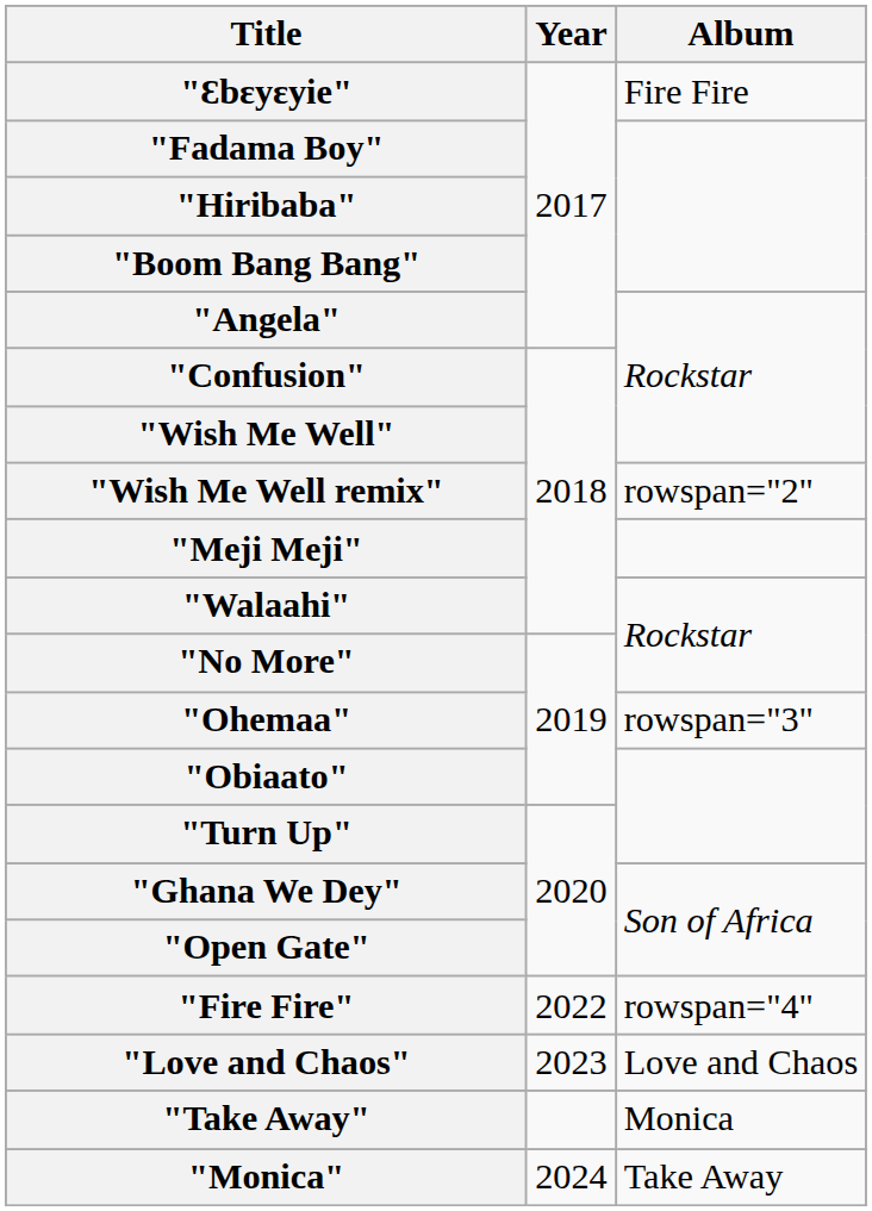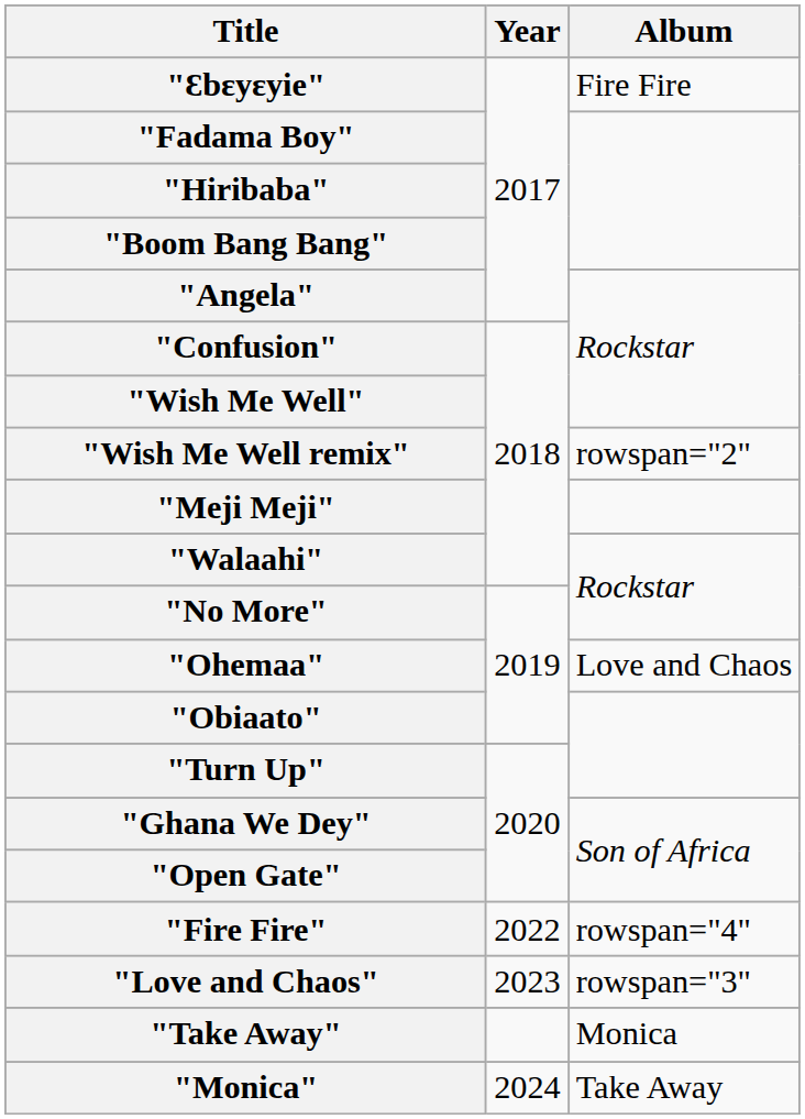 <table class="wikitable plainrowheaders">
 <tr>
 <th style="width:14em;">Title</th>
 <th>Year</th>
 <th>Album</th>
 </tr>
 <tr>
 <th scope="row">"Ɛbɛyɛyie"</th>
 <td rowspan="5">2017</td>
 <td>Fire Fire</td>
 </tr>
 <tr>
 <th scope="row">"Fadama Boy"</th>
 </tr>
 <tr>
 <th scope="row">"Hiribaba" </th>
 </tr>
 <tr>
 <th scope="row">"Boom Bang Bang"</th>
 </tr>
 <tr>
 <th scope="row">"Angela"</th>
 <td rowspan="3"><em>Rockstar</em></td>
 </tr>
 <tr>
 <th scope="row">"Confusion"</th>
 <td rowspan="5">2018</td>
 </tr>
 <tr>
 <th scope="row">"Wish Me Well"</th>
 </tr>
 <tr>
 <th scope="row">"Wish Me Well remix" </th>
 <td>rowspan="2" </td>
 </tr>
 <tr>
 <th scope="row">"Meji Meji" </th>
 </tr>
 <tr>
 <th scope="row">"Walaahi"</th>
 <td rowspan="2"><em>Rockstar</em></td>
 </tr>
 <tr>
 <th scope="row">"No More" </th>
 <td rowspan="3">2019</td>
 </tr>
 <tr>
 <th scope="row">"Ohemaa" </th>
-<td>rowspan="3" </td>
+<td>Love and Chaos</td>
 </tr>
 <tr>
 <th scope="row">"Obiaato"</th>
 </tr>
 <tr>
 <th scope="row">"Turn Up"</th>
 <td rowspan="3">2020</td>
 </tr>
 <tr>
 <th scope="row">"Ghana We Dey" </th>
 <td rowspan="2"><em>Son of Africa</em></td>
 </tr>
 <tr>
 <th scope="row">"Open Gate"</th>
 </tr>
 <tr>
 <th scope="row">"Fire Fire"</th>
 <td>2022</td>
 <td>rowspan="4" </td>
 </tr>
 <tr>
 <th scope="row">"Love and Chaos"</th>
 <td>2023</td>
-<td>Love and Chaos</td>
+<td>rowspan="3" </td>
 </tr>
 <tr>
 <th scope="row">"Take  Away"</th>
 <td></td>
 <td>Monica</td>
 </tr>
 <tr>
 <th scope="row">"Monica"</th>
 <td>2024</td>
 <td>Take Away</td>
 </tr>
 </table>
